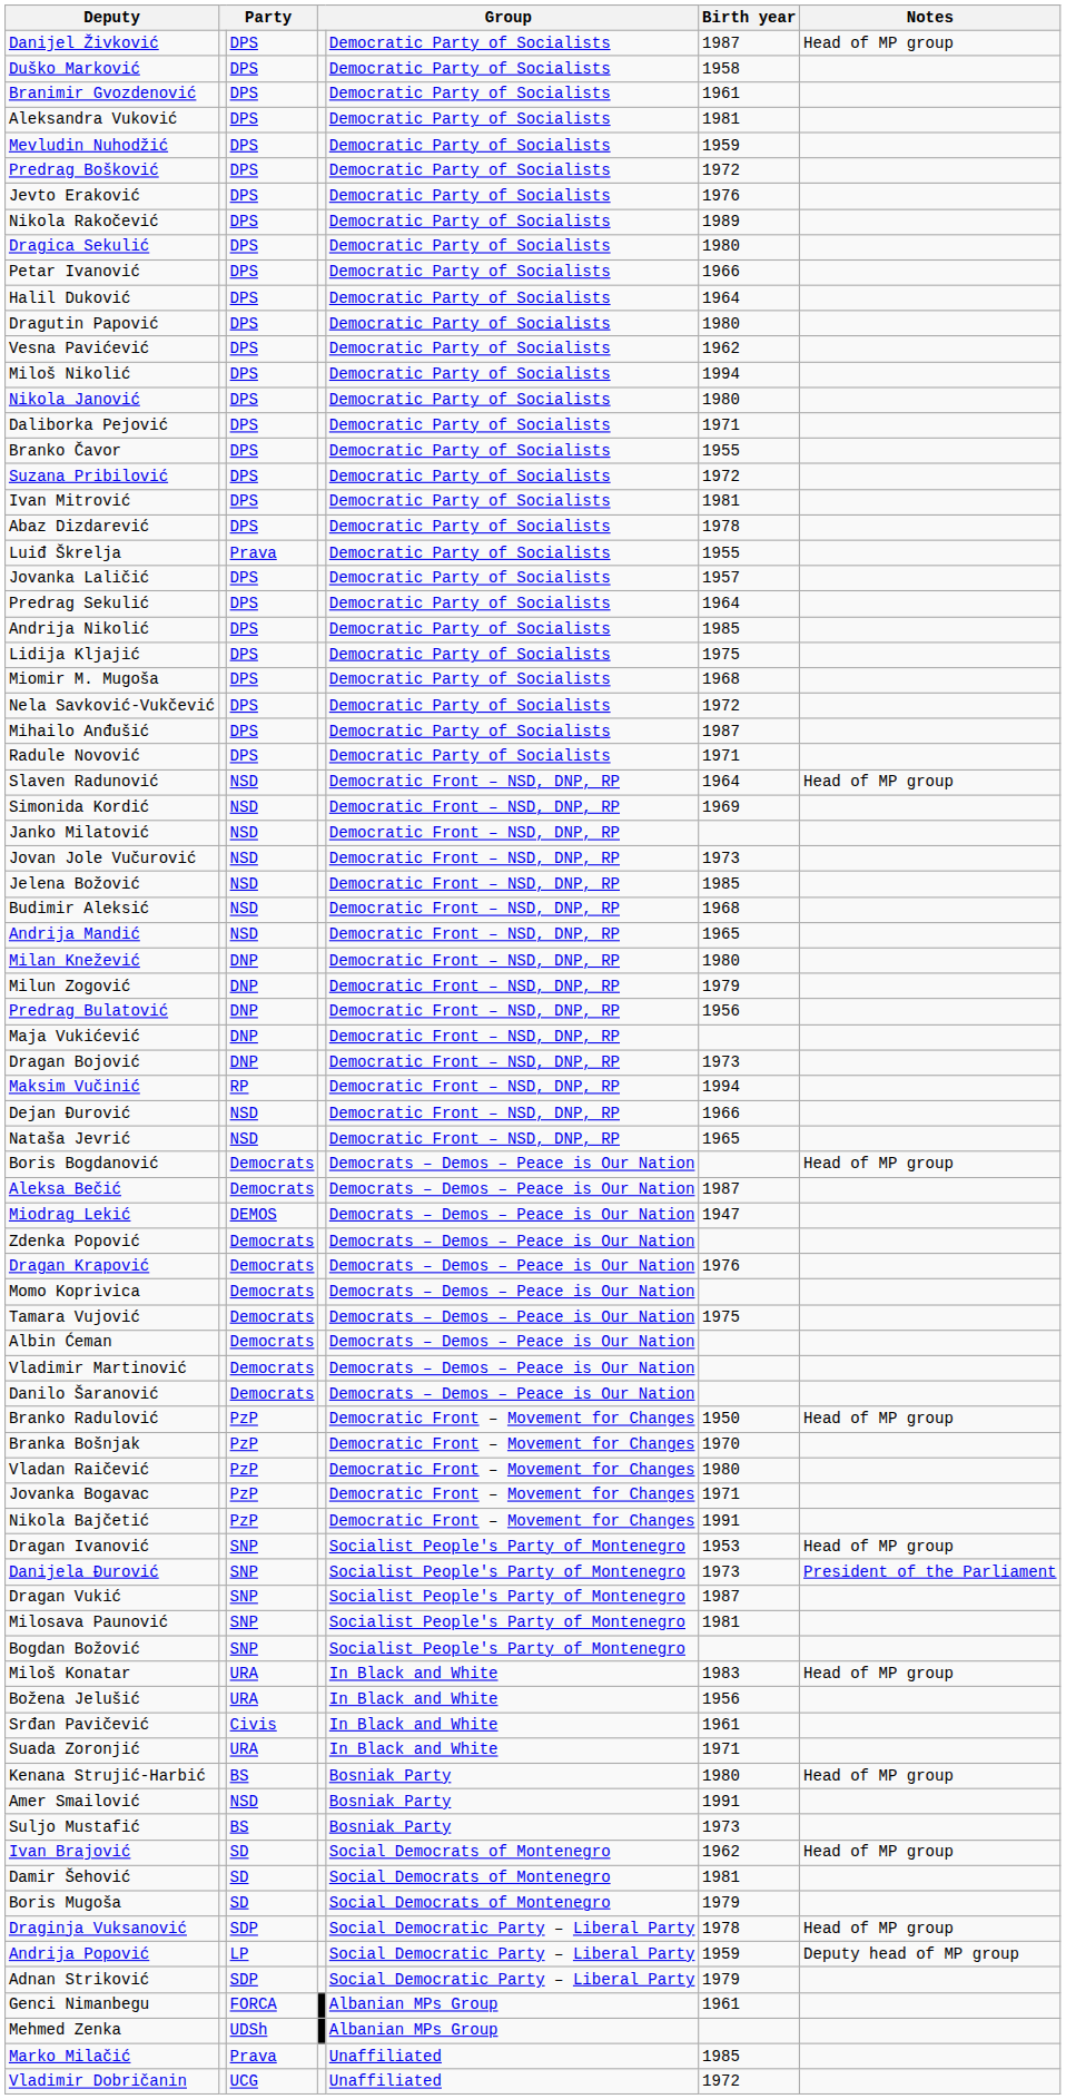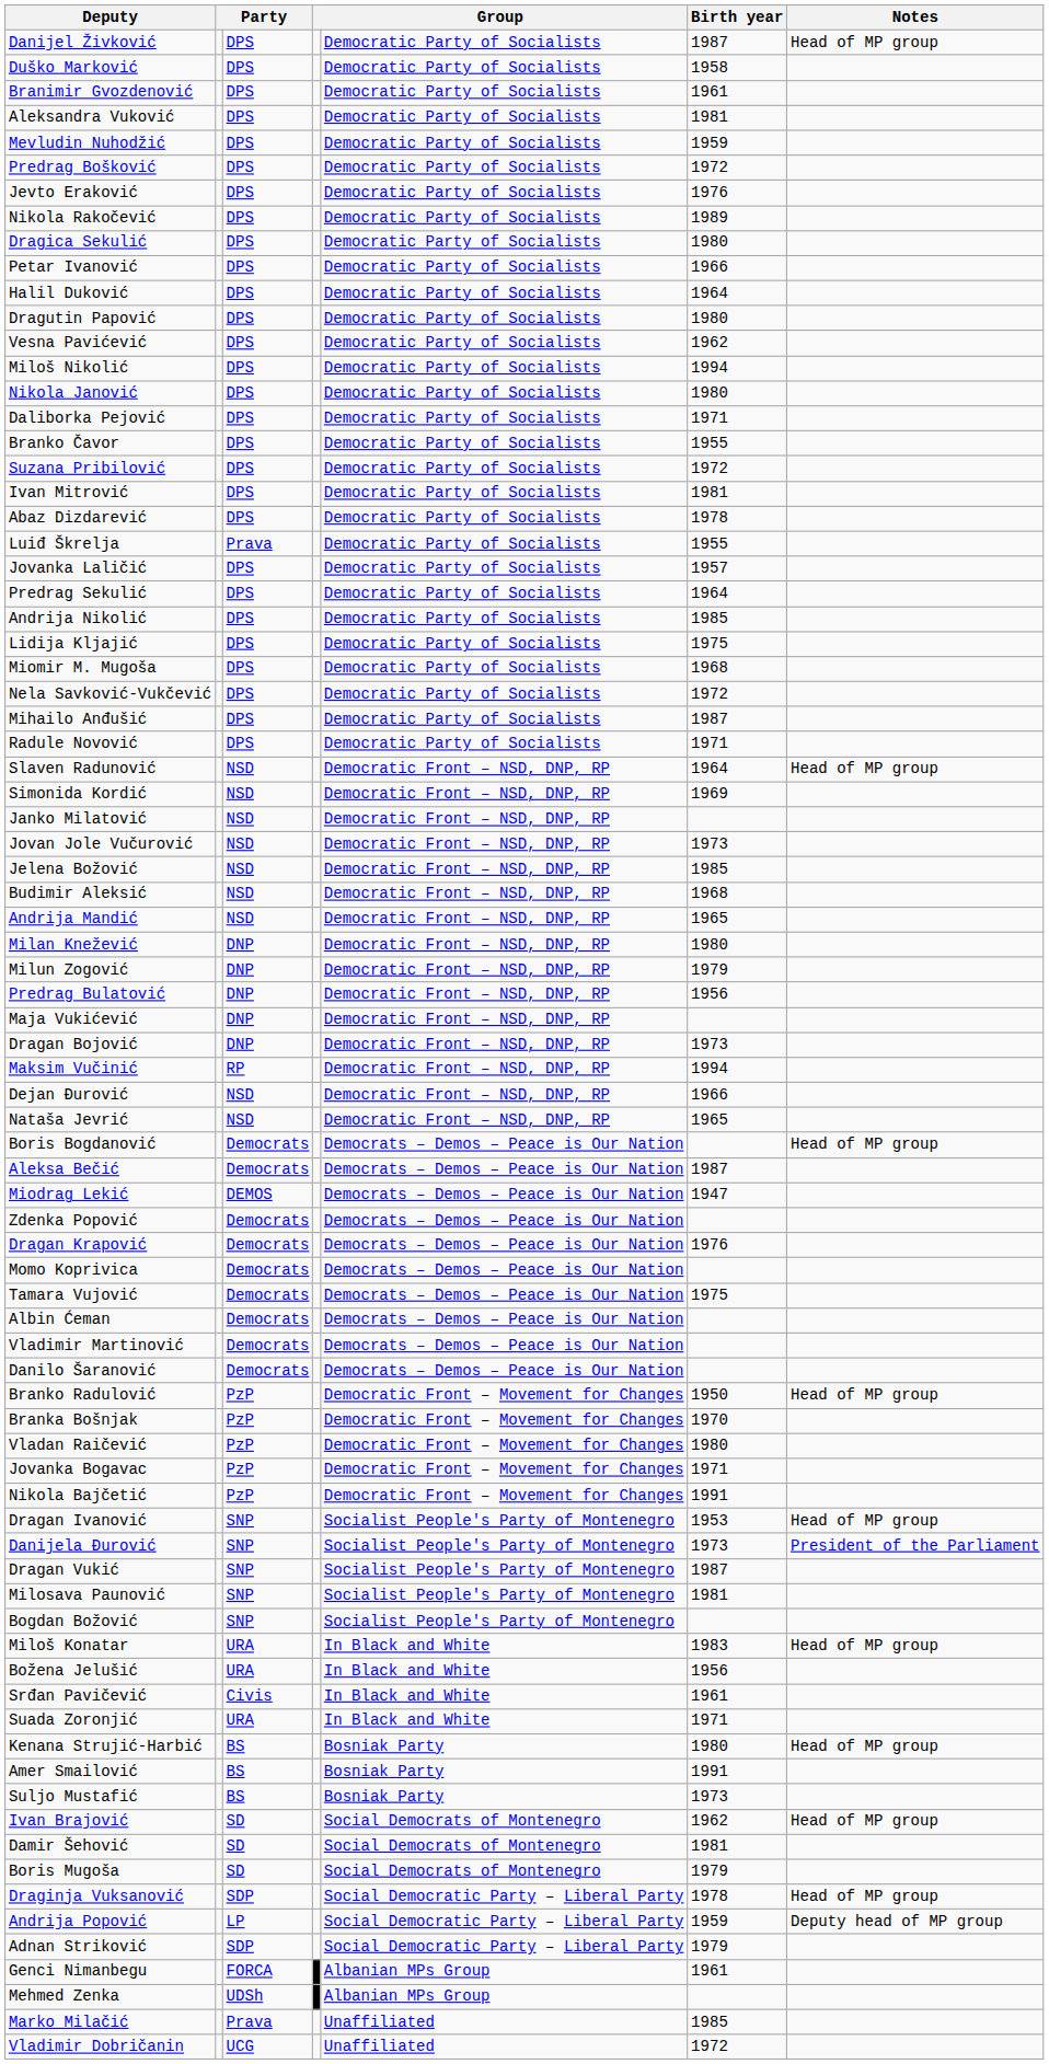 <table class="wikitable sortable" style="text-align:left">
 <tr>
 <th>Deputy</th>
 <th colspan="2">Party</th>
 <th colspan="2">Group</th>
 <th>Birth year</th>
 <th>Notes</th>
 </tr>
 <tr>
 <td><a href='#'>Danijel Živković</a></td>
 <td style="background: "></td>
 <td><a href='#'>DPS</a></td>
 <td style="background: "></td>
 <td><a href='#'>Democratic Party of Socialists</a></td>
 <td>1987</td>
 <td>Head of MP group</td>
 </tr>
 <tr>
 <td><a href='#'>Duško Marković</a></td>
 <td style="background: "></td>
 <td><a href='#'>DPS</a></td>
 <td style="background: "></td>
 <td><a href='#'>Democratic Party of Socialists</a></td>
 <td>1958</td>
 <td></td>
 </tr>
 <tr>
 <td><a href='#'>Branimir Gvozdenović</a></td>
 <td style="background: "></td>
 <td><a href='#'>DPS</a></td>
 <td style="background: "></td>
 <td><a href='#'>Democratic Party of Socialists</a></td>
 <td>1961</td>
 <td></td>
 </tr>
 <tr>
 <td>Aleksandra Vuković</td>
 <td style="background: "></td>
 <td><a href='#'>DPS</a></td>
 <td style="background: "></td>
 <td><a href='#'>Democratic Party of Socialists</a></td>
 <td>1981</td>
 <td></td>
 </tr>
 <tr>
 <td><a href='#'>Mevludin Nuhodžić</a></td>
 <td style="background: "></td>
 <td><a href='#'>DPS</a></td>
 <td style="background: "></td>
 <td><a href='#'>Democratic Party of Socialists</a></td>
 <td>1959</td>
 <td></td>
 </tr>
 <tr>
 <td><a href='#'>Predrag Bošković</a></td>
 <td style="background: "></td>
 <td><a href='#'>DPS</a></td>
 <td style="background: "></td>
 <td><a href='#'>Democratic Party of Socialists</a></td>
 <td>1972</td>
 <td></td>
 </tr>
 <tr>
 <td>Jevto Eraković</td>
 <td style="background: "></td>
 <td><a href='#'>DPS</a></td>
 <td style="background: "></td>
 <td><a href='#'>Democratic Party of Socialists</a></td>
 <td>1976</td>
 <td></td>
 </tr>
 <tr>
 <td>Nikola Rakočević</td>
 <td style="background: "></td>
 <td><a href='#'>DPS</a></td>
 <td style="background: "></td>
 <td><a href='#'>Democratic Party of Socialists</a></td>
 <td>1989</td>
 <td></td>
 </tr>
 <tr>
 <td><a href='#'>Dragica Sekulić</a></td>
 <td style="background: "></td>
 <td><a href='#'>DPS</a></td>
 <td style="background: "></td>
 <td><a href='#'>Democratic Party of Socialists</a></td>
 <td>1980</td>
 <td></td>
 </tr>
 <tr>
 <td>Petar Ivanović</td>
 <td style="background: "></td>
 <td><a href='#'>DPS</a></td>
 <td style="background: "></td>
 <td><a href='#'>Democratic Party of Socialists</a></td>
 <td>1966</td>
 <td></td>
 </tr>
 <tr>
 <td>Halil Duković</td>
 <td style="background: "></td>
 <td><a href='#'>DPS</a></td>
 <td style="background: "></td>
 <td><a href='#'>Democratic Party of Socialists</a></td>
 <td>1964</td>
 <td></td>
 </tr>
 <tr>
 <td>Dragutin Papović</td>
 <td style="background: "></td>
 <td><a href='#'>DPS</a></td>
 <td style="background: "></td>
 <td><a href='#'>Democratic Party of Socialists</a></td>
 <td>1980</td>
 <td></td>
 </tr>
 <tr>
 <td>Vesna Pavićević</td>
 <td style="background: "></td>
 <td><a href='#'>DPS</a></td>
 <td style="background: "></td>
 <td><a href='#'>Democratic Party of Socialists</a></td>
 <td>1962</td>
 <td></td>
 </tr>
 <tr>
 <td>Miloš Nikolić</td>
 <td style="background: "></td>
 <td><a href='#'>DPS</a></td>
 <td style="background: "></td>
 <td><a href='#'>Democratic Party of Socialists</a></td>
 <td>1994</td>
 <td></td>
 </tr>
 <tr>
 <td><a href='#'>Nikola Janović</a></td>
 <td style="background: "></td>
 <td><a href='#'>DPS</a></td>
 <td style="background: "></td>
 <td><a href='#'>Democratic Party of Socialists</a></td>
 <td>1980</td>
 <td></td>
 </tr>
 <tr>
 <td>Daliborka Pejović</td>
 <td style="background: "></td>
 <td><a href='#'>DPS</a></td>
 <td style="background: "></td>
 <td><a href='#'>Democratic Party of Socialists</a></td>
 <td>1971</td>
 <td></td>
 </tr>
 <tr>
 <td>Branko Čavor</td>
 <td style="background: "></td>
 <td><a href='#'>DPS</a></td>
 <td style="background: "></td>
 <td><a href='#'>Democratic Party of Socialists</a></td>
 <td>1955</td>
 <td></td>
 </tr>
 <tr>
 <td><a href='#'>Suzana Pribilović</a></td>
 <td style="background: "></td>
 <td><a href='#'>DPS</a></td>
 <td style="background: "></td>
 <td><a href='#'>Democratic Party of Socialists</a></td>
 <td>1972</td>
 <td></td>
 </tr>
 <tr>
 <td>Ivan Mitrović</td>
 <td style="background: "></td>
 <td><a href='#'>DPS</a></td>
 <td style="background: "></td>
 <td><a href='#'>Democratic Party of Socialists</a></td>
 <td>1981</td>
 <td></td>
 </tr>
 <tr>
 <td>Abaz Dizdarević</td>
 <td style="background: "></td>
 <td><a href='#'>DPS</a></td>
 <td style="background: "></td>
 <td><a href='#'>Democratic Party of Socialists</a></td>
 <td>1978</td>
 <td></td>
 </tr>
 <tr>
 <td>Luiđ Škrelja</td>
 <td style="background: "></td>
 <td><a href='#'>Prava</a></td>
 <td style="background: "></td>
 <td><a href='#'>Democratic Party of Socialists</a></td>
 <td>1955</td>
 <td></td>
 </tr>
 <tr>
 <td>Jovanka Laličić</td>
 <td style="background: "></td>
 <td><a href='#'>DPS</a></td>
 <td style="background: "></td>
 <td><a href='#'>Democratic Party of Socialists</a></td>
 <td>1957</td>
 <td></td>
 </tr>
 <tr>
 <td>Predrag Sekulić</td>
 <td style="background: "></td>
 <td><a href='#'>DPS</a></td>
 <td style="background: "></td>
 <td><a href='#'>Democratic Party of Socialists</a></td>
 <td>1964</td>
 <td></td>
 </tr>
 <tr>
 <td>Andrija Nikolić</td>
 <td style="background: "></td>
 <td><a href='#'>DPS</a></td>
 <td style="background: "></td>
 <td><a href='#'>Democratic Party of Socialists</a></td>
 <td>1985</td>
 <td></td>
 </tr>
 <tr>
 <td>Lidija Kljajić</td>
 <td style="background: "></td>
 <td><a href='#'>DPS</a></td>
 <td style="background: "></td>
 <td><a href='#'>Democratic Party of Socialists</a></td>
 <td>1975</td>
 <td></td>
 </tr>
 <tr>
 <td>Miomir M. Mugoša</td>
 <td style="background: "></td>
 <td><a href='#'>DPS</a></td>
 <td style="background: "></td>
 <td><a href='#'>Democratic Party of Socialists</a></td>
 <td>1968</td>
 <td></td>
 </tr>
 <tr>
 <td>Nela Savković-Vukčević</td>
 <td style="background: "></td>
 <td><a href='#'>DPS</a></td>
 <td style="background: "></td>
 <td><a href='#'>Democratic Party of Socialists</a></td>
 <td>1972</td>
 <td></td>
 </tr>
 <tr>
 <td>Mihailo Anđušić</td>
 <td style="background: "></td>
 <td><a href='#'>DPS</a></td>
 <td style="background: "></td>
 <td><a href='#'>Democratic Party of Socialists</a></td>
 <td>1987</td>
 <td></td>
 </tr>
 <tr>
 <td>Radule Novović</td>
 <td style="background: "></td>
 <td><a href='#'>DPS</a></td>
 <td style="background: "></td>
 <td><a href='#'>Democratic Party of Socialists</a></td>
 <td>1971</td>
 <td></td>
 </tr>
 <tr>
 <td>Slaven Radunović</td>
 <td style="background: "></td>
 <td><a href='#'>NSD</a></td>
 <td style="background: "></td>
 <td><a href='#'>Democratic Front – NSD, DNP, RP</a></td>
 <td>1964</td>
 <td>Head of MP group</td>
 </tr>
 <tr>
 <td>Simonida Kordić</td>
 <td style="background: "></td>
 <td><a href='#'>NSD</a></td>
 <td style="background: "></td>
 <td><a href='#'>Democratic Front – NSD, DNP, RP</a></td>
 <td>1969</td>
 <td></td>
 </tr>
 <tr>
 <td>Janko Milatović</td>
 <td style="background: "></td>
 <td><a href='#'>NSD</a></td>
 <td style="background: "></td>
 <td><a href='#'>Democratic Front – NSD, DNP, RP</a></td>
 <td></td>
 <td></td>
 </tr>
 <tr>
 <td>Jovan Jole Vučurović</td>
 <td style="background: "></td>
 <td><a href='#'>NSD</a></td>
 <td style="background: "></td>
 <td><a href='#'>Democratic Front – NSD, DNP, RP</a></td>
 <td>1973</td>
 <td></td>
 </tr>
 <tr>
 <td>Jelena Božović</td>
 <td style="background: "></td>
 <td><a href='#'>NSD</a></td>
 <td style="background: "></td>
 <td><a href='#'>Democratic Front – NSD, DNP, RP</a></td>
 <td>1985</td>
 <td></td>
 </tr>
 <tr>
 <td>Budimir Aleksić</td>
 <td style="background: "></td>
 <td><a href='#'>NSD</a></td>
 <td style="background: "></td>
 <td><a href='#'>Democratic Front – NSD, DNP, RP</a></td>
 <td>1968</td>
 <td></td>
 </tr>
 <tr>
 <td><a href='#'>Andrija Mandić</a></td>
 <td style="background: "></td>
 <td><a href='#'>NSD</a></td>
 <td style="background: "></td>
 <td><a href='#'>Democratic Front – NSD, DNP, RP</a></td>
 <td>1965</td>
 <td></td>
 </tr>
 <tr>
 <td><a href='#'>Milan Knežević</a></td>
 <td style="background: "></td>
 <td><a href='#'>DNP</a></td>
 <td style="background: "></td>
 <td><a href='#'>Democratic Front – NSD, DNP, RP</a></td>
 <td>1980</td>
 <td></td>
 </tr>
 <tr>
 <td>Milun Zogović</td>
 <td style="background: "></td>
 <td><a href='#'>DNP</a></td>
 <td style="background: "></td>
 <td><a href='#'>Democratic Front – NSD, DNP, RP</a></td>
 <td>1979</td>
 <td></td>
 </tr>
 <tr>
 <td><a href='#'>Predrag Bulatović</a></td>
 <td style="background: "></td>
 <td><a href='#'>DNP</a></td>
 <td style="background: "></td>
 <td><a href='#'>Democratic Front – NSD, DNP, RP</a></td>
 <td>1956</td>
 <td></td>
 </tr>
 <tr>
 <td>Maja Vukićević</td>
 <td style="background: "></td>
 <td><a href='#'>DNP</a></td>
 <td style="background: "></td>
 <td><a href='#'>Democratic Front – NSD, DNP, RP</a></td>
 <td></td>
 <td></td>
 </tr>
 <tr>
 <td>Dragan Bojović</td>
 <td style="background: "></td>
 <td><a href='#'>DNP</a></td>
 <td style="background: "></td>
 <td><a href='#'>Democratic Front – NSD, DNP, RP</a></td>
 <td>1973</td>
 <td></td>
 </tr>
 <tr>
 <td><a href='#'>Maksim Vučinić</a></td>
 <td style="background: "></td>
 <td><a href='#'>RP</a></td>
 <td style="background: "></td>
 <td><a href='#'>Democratic Front – NSD, DNP, RP</a></td>
 <td>1994</td>
 <td></td>
 </tr>
 <tr>
 <td>Dejan Đurović</td>
 <td style="background: "></td>
 <td><a href='#'>NSD</a></td>
 <td style="background: "></td>
 <td><a href='#'>Democratic Front – NSD, DNP, RP</a></td>
 <td>1966</td>
 <td></td>
 </tr>
 <tr>
 <td>Nataša Jevrić</td>
 <td style="background: "></td>
 <td><a href='#'>NSD</a></td>
 <td style="background: "></td>
 <td><a href='#'>Democratic Front – NSD, DNP, RP</a></td>
 <td>1965</td>
 <td></td>
 </tr>
 <tr>
 <td>Boris Bogdanović</td>
 <td style="background: "></td>
 <td><a href='#'>Democrats</a></td>
 <td style="background: "></td>
 <td><a href='#'>Democrats – Demos – Peace is Our Nation</a></td>
 <td></td>
 <td>Head of MP group</td>
 </tr>
 <tr>
 <td><a href='#'>Aleksa Bečić</a></td>
 <td style="background: "></td>
 <td><a href='#'>Democrats</a></td>
 <td style="background: "></td>
 <td><a href='#'>Democrats – Demos – Peace is Our Nation</a></td>
 <td>1987</td>
 <td></td>
 </tr>
 <tr>
 <td><a href='#'>Miodrag Lekić</a></td>
 <td style="background: "></td>
 <td><a href='#'>DEMOS</a></td>
 <td style="background: "></td>
 <td><a href='#'>Democrats – Demos – Peace is Our Nation</a></td>
 <td>1947</td>
 <td></td>
 </tr>
 <tr>
 <td>Zdenka Popović</td>
 <td style="background: "></td>
 <td><a href='#'>Democrats</a></td>
 <td style="background: "></td>
 <td><a href='#'>Democrats – Demos – Peace is Our Nation</a></td>
 <td></td>
 <td></td>
 </tr>
 <tr>
 <td><a href='#'>Dragan Krapović</a></td>
 <td style="background: "></td>
 <td><a href='#'>Democrats</a></td>
 <td style="background: "></td>
 <td><a href='#'>Democrats – Demos – Peace is Our Nation</a></td>
 <td>1976</td>
 <td></td>
 </tr>
 <tr>
 <td>Momo Koprivica</td>
 <td style="background: "></td>
 <td><a href='#'>Democrats</a></td>
 <td style="background: "></td>
 <td><a href='#'>Democrats – Demos – Peace is Our Nation</a></td>
 <td></td>
 <td></td>
 </tr>
 <tr>
 <td>Tamara Vujović</td>
 <td style="background: "></td>
 <td><a href='#'>Democrats</a></td>
 <td style="background: "></td>
 <td><a href='#'>Democrats – Demos – Peace is Our Nation</a></td>
 <td>1975</td>
 <td></td>
 </tr>
 <tr>
 <td>Albin Ćeman</td>
 <td style="background: "></td>
 <td><a href='#'>Democrats</a></td>
 <td style="background: "></td>
 <td><a href='#'>Democrats – Demos – Peace is Our Nation</a></td>
 <td></td>
 <td></td>
 </tr>
 <tr>
 <td>Vladimir Martinović</td>
 <td style="background: "></td>
 <td><a href='#'>Democrats</a></td>
 <td style="background: "></td>
 <td><a href='#'>Democrats – Demos – Peace is Our Nation</a></td>
 <td></td>
 <td></td>
 </tr>
 <tr>
 <td>Danilo Šaranović</td>
 <td style="background: "></td>
 <td><a href='#'>Democrats</a></td>
 <td style="background: "></td>
 <td><a href='#'>Democrats – Demos – Peace is Our Nation</a></td>
 <td></td>
 <td></td>
 </tr>
 <tr>
 <td>Branko Radulović</td>
 <td style="background: "></td>
 <td><a href='#'>PzP</a></td>
 <td style="background: "></td>
 <td><a href='#'>Democratic Front</a> – <a href='#'>Movement for Changes</a></td>
 <td>1950</td>
 <td>Head of MP group</td>
 </tr>
 <tr>
 <td>Branka Bošnjak</td>
 <td style="background: "></td>
 <td><a href='#'>PzP</a></td>
 <td style="background: "></td>
 <td><a href='#'>Democratic Front</a> – <a href='#'>Movement for Changes</a></td>
 <td>1970</td>
 <td></td>
 </tr>
 <tr>
 <td>Vladan Raičević</td>
 <td style="background: "></td>
 <td><a href='#'>PzP</a></td>
 <td style="background: "></td>
 <td><a href='#'>Democratic Front</a> – <a href='#'>Movement for Changes</a></td>
 <td>1980</td>
 <td></td>
 </tr>
 <tr>
 <td>Jovanka Bogavac</td>
 <td style="background: "></td>
 <td><a href='#'>PzP</a></td>
 <td style="background: "></td>
 <td><a href='#'>Democratic Front</a> – <a href='#'>Movement for Changes</a></td>
 <td>1971</td>
 <td></td>
 </tr>
 <tr>
 <td>Nikola Bajčetić</td>
 <td style="background: "></td>
 <td><a href='#'>PzP</a></td>
 <td style="background: "></td>
 <td><a href='#'>Democratic Front</a> – <a href='#'>Movement for Changes</a></td>
 <td>1991</td>
 <td></td>
 </tr>
 <tr>
 <td>Dragan Ivanović</td>
 <td style="background: "></td>
 <td><a href='#'>SNP</a></td>
 <td style="background: "></td>
 <td><a href='#'>Socialist People's Party of Montenegro</a></td>
 <td>1953</td>
 <td>Head of MP group</td>
 </tr>
 <tr>
 <td><a href='#'>Danijela Đurović</a></td>
 <td style="background: "></td>
 <td><a href='#'>SNP</a></td>
 <td style="background: "></td>
 <td><a href='#'>Socialist People's Party of Montenegro</a></td>
 <td>1973</td>
 <td><a href='#'>President of the Parliament</a></td>
 </tr>
 <tr>
 <td>Dragan Vukić</td>
 <td style="background: "></td>
 <td><a href='#'>SNP</a></td>
 <td style="background: "></td>
 <td><a href='#'>Socialist People's Party of Montenegro</a></td>
 <td>1987</td>
 <td></td>
 </tr>
 <tr>
 <td>Milosava Paunović</td>
 <td style="background: "></td>
 <td><a href='#'>SNP</a></td>
 <td style="background: "></td>
 <td><a href='#'>Socialist People's Party of Montenegro</a></td>
 <td>1981</td>
 <td></td>
 </tr>
 <tr>
 <td>Bogdan Božović</td>
 <td style="background: "></td>
 <td><a href='#'>SNP</a></td>
 <td style="background: "></td>
 <td><a href='#'>Socialist People's Party of Montenegro</a></td>
 <td></td>
 <td></td>
 </tr>
 <tr>
 <td>Miloš Konatar</td>
 <td style="background: "></td>
 <td><a href='#'>URA</a></td>
 <td style="background: "></td>
 <td><a href='#'>In Black and White</a></td>
 <td>1983</td>
 <td>Head of MP group</td>
 </tr>
 <tr>
 <td>Božena Jelušić</td>
 <td style="background: "></td>
 <td><a href='#'>URA</a></td>
 <td style="background: "></td>
 <td><a href='#'>In Black and White</a></td>
 <td>1956</td>
 <td></td>
 </tr>
 <tr>
 <td>Srđan Pavičević</td>
 <td style="background: "></td>
 <td><a href='#'>Civis</a></td>
 <td style="background: "></td>
 <td><a href='#'>In Black and White</a></td>
 <td>1961</td>
 <td></td>
 </tr>
 <tr>
 <td>Suada Zoronjić</td>
 <td style="background: "></td>
 <td><a href='#'>URA</a></td>
 <td style="background: "></td>
 <td><a href='#'>In Black and White</a></td>
 <td>1971</td>
 <td></td>
 </tr>
 <tr>
 <td>Kenana Strujić-Harbić</td>
 <td style="background: "></td>
 <td><a href='#'>BS</a></td>
 <td style="background: "></td>
 <td><a href='#'>Bosniak Party</a></td>
 <td>1980</td>
 <td>Head of MP group</td>
 </tr>
 <tr>
 <td>Amer Smailović</td>
 <td style="background: "></td>
-<td><a href='#'>NSD</a></td>
+<td><a href='#'>BS</a></td>
 <td style="background: "></td>
 <td><a href='#'>Bosniak Party</a></td>
 <td>1991</td>
 <td></td>
 </tr>
 <tr>
 <td>Suljo Mustafić</td>
 <td style="background: "></td>
 <td><a href='#'>BS</a></td>
 <td style="background: "></td>
 <td><a href='#'>Bosniak Party</a></td>
 <td>1973</td>
 <td></td>
 </tr>
 <tr>
 <td><a href='#'>Ivan Brajović</a></td>
 <td style="background: "></td>
 <td><a href='#'>SD</a></td>
 <td style="background: "></td>
 <td><a href='#'>Social Democrats of Montenegro</a></td>
 <td>1962</td>
 <td>Head of MP group</td>
 </tr>
 <tr>
 <td>Damir Šehović</td>
 <td style="background: "></td>
 <td><a href='#'>SD</a></td>
 <td style="background: "></td>
 <td><a href='#'>Social Democrats of Montenegro</a></td>
 <td>1981</td>
 <td></td>
 </tr>
 <tr>
 <td>Boris Mugoša</td>
 <td style="background: "></td>
 <td><a href='#'>SD</a></td>
 <td style="background: "></td>
 <td><a href='#'>Social Democrats of Montenegro</a></td>
 <td>1979</td>
 <td></td>
 </tr>
 <tr>
 <td><a href='#'>Draginja Vuksanović</a></td>
 <td style="background: "></td>
 <td><a href='#'>SDP</a></td>
 <td style="background: "></td>
 <td><a href='#'>Social Democratic Party</a> – <a href='#'>Liberal Party</a></td>
 <td>1978</td>
 <td>Head of MP group</td>
 </tr>
 <tr>
 <td><a href='#'>Andrija Popović</a></td>
 <td style="background: "></td>
 <td><a href='#'>LP</a></td>
 <td style="background: "></td>
 <td><a href='#'>Social Democratic Party</a> – <a href='#'>Liberal Party</a></td>
 <td>1959</td>
 <td>Deputy head of MP group</td>
 </tr>
 <tr>
 <td>Adnan Striković</td>
 <td style="background: "></td>
 <td><a href='#'>SDP</a></td>
 <td style="background: "></td>
 <td><a href='#'>Social Democratic Party</a> – <a href='#'>Liberal Party</a></td>
 <td>1979</td>
 <td></td>
 </tr>
 <tr>
 <td>Genci Nimanbegu</td>
 <td style="background: "></td>
 <td><a href='#'>FORCA</a></td>
 <td style="background: #000000;"></td>
 <td><a href='#'>Albanian MPs Group</a></td>
 <td>1961</td>
 <td></td>
 </tr>
 <tr>
 <td>Mehmed Zenka</td>
 <td style="background: "></td>
 <td><a href='#'>UDSh</a></td>
 <td style="background: #000000;"></td>
 <td><a href='#'>Albanian MPs Group</a></td>
 <td></td>
 <td></td>
 </tr>
 <tr>
 <td><a href='#'>Marko Milačić</a></td>
 <td style="background: "></td>
 <td><a href='#'>Prava</a></td>
 <td style="background: "></td>
 <td><a href='#'>Unaffiliated</a></td>
 <td>1985</td>
 <td></td>
 </tr>
 <tr>
 <td><a href='#'>Vladimir Dobričanin</a></td>
 <td style="background: "></td>
 <td><a href='#'>UCG</a></td>
 <td style="background: "></td>
 <td><a href='#'>Unaffiliated</a></td>
 <td>1972</td>
 <td></td>
 </tr>
 </table>
